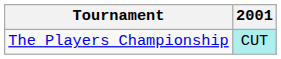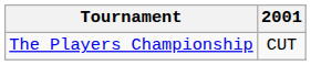 <table class="wikitable" style="font-size:95%;text-align:center;">
 <tr>
 <th>Tournament</th>
 <th>2001</th>
 </tr>
 <tr>
 <td align=left><a href='#'>The Players Championship</a></td>
-<td style="background: paleturquoise;">CUT</td>
+<td>CUT</td>
 </tr>
 </table>
